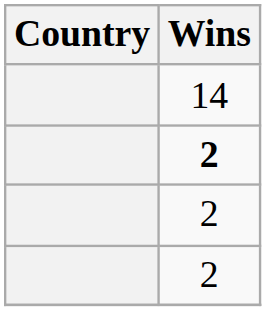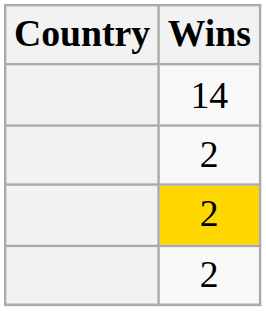 <table class="sortable wikitable plainrowheaders" style="text-align:center">
 <tr>
 <th scope=col>Country</th>
 <th scope=col data-sort-type=number>Wins</th>
 </tr>
 <tr>
 <th scope=row></th>
 <td>14</td>
 </tr>
 <tr>
 <th scope=row></th>
-<td><strong>2</strong></td>
+<td>2</td>
 </tr>
 <tr>
 <th scope=row></th>
-<td>2</td>
+<td style="background: gold;">2</td>
 </tr>
 <tr>
 <th scope=row></th>
 <td>2</td>
 </tr>
 <tr>
 </tr>
 </table>
